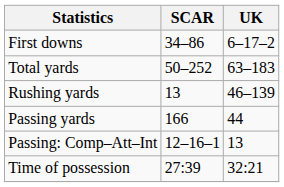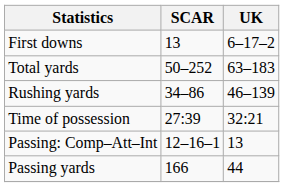 <table class="wikitable" style="float: left;">
 <tr>
 <th>Statistics</th>
 <th>SCAR</th>
 <th>UK</th>
 </tr>
 <tr>
 <td>First downs</td>
-<td>34–86</td>
+<td>13</td>
 <td>6–17–2</td>
 </tr>
 <tr>
 <td>Total yards</td>
 <td>50–252</td>
 <td>63–183</td>
 </tr>
 <tr>
 <td>Rushing yards</td>
+<td>34–86</td>
+<td>46–139</td>
+</tr>
+<tr>
+<td>Time of possession</td>
+<td>27:39</td>
+<td>32:21</td>
+</tr>
+<tr>
+<td>Passing: Comp–Att–Int</td>
+<td>12–16–1</td>
 <td>13</td>
-<td>46–139</td>
 </tr>
 <tr>
 <td>Passing yards</td>
 <td>166</td>
 <td>44</td>
 </tr>
 <tr>
-<td>Passing: Comp–Att–Int</td>
-<td>12–16–1</td>
-<td>13</td>
-</tr>
-<tr>
-<td>Time of possession</td>
-<td>27:39</td>
-<td>32:21</td>
-</tr>
-<tr>
 </tr>
 </table>
